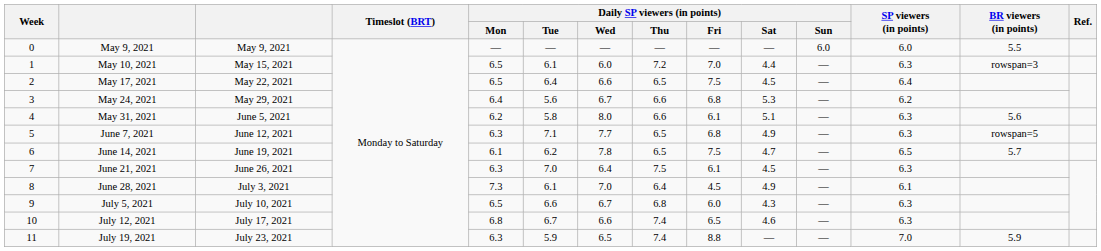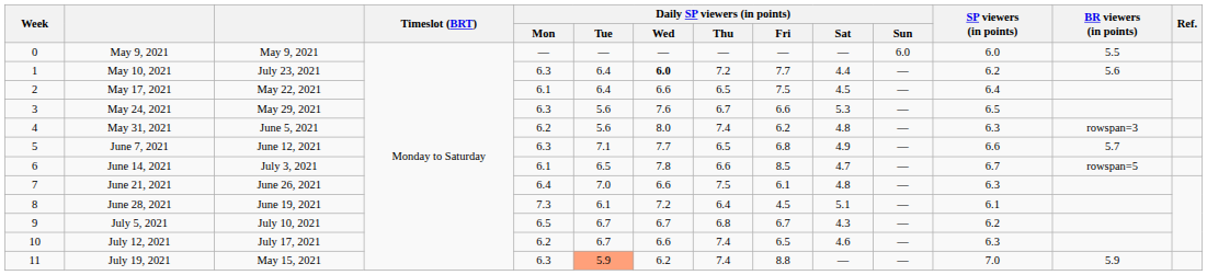 <table class="wikitable sortable" style="text-align:center; font-size:95%; width: 100%">
 <tr>
 <th rowspan=2 width="05.0%">Week</th>
 <th rowspan=2 width="12.5%"></th>
 <th rowspan=2 width="12.5%"></th>
 <th rowspan=2 width="12.5%">Timeslot (<a href='#'>BRT</a>)</th>
 <th colspan=7 width="35.0%">Daily <a href='#'>SP</a> viewers (in points)</th>
 <th rowspan=2 width="10.0%"><a href='#'>SP</a> viewers<br>(in points)</th>
 <th rowspan=2 width="10.0%"><a href='#'>BR</a> viewers<br>(in points)</th>
 <th rowspan=2 width="05.0%">Ref.</th>
 </tr>
 <tr>
 <th width="05%">Mon</th>
 <th width="05%">Tue</th>
 <th width="05%">Wed</th>
 <th width="05%">Thu</th>
 <th width="05%">Fri</th>
 <th width="05%">Sat</th>
 <th width="05%">Sun</th>
 </tr>
 <tr>
 <td>0</td>
 <td>May 9, 2021</td>
 <td>May 9, 2021</td>
 <td rowspan=12>Monday to Saturday<br></td>
 <td>—</td>
 <td>—</td>
 <td>—</td>
 <td>—</td>
 <td>—</td>
 <td>—</td>
 <td>6.0</td>
 <td>6.0</td>
 <td>5.5</td>
 <td></td>
 </tr>
 <tr>
 <td>1</td>
 <td>May 10, 2021</td>
-<td>May 15, 2021</td>
-<td>6.5</td>
-<td>6.1</td>
-<td>6.0</td>
+<td>July 23, 2021</td>
+<td>6.3</td>
+<td>6.4</td>
+<td><strong>6.0</strong></td>
 <td>7.2</td>
-<td>7.0</td>
+<td>7.7</td>
 <td>4.4</td>
 <td>—</td>
-<td>6.3</td>
-<td>rowspan=3 </td>
+<td>6.2</td>
+<td>5.6</td>
 <td></td>
 </tr>
 <tr>
 <td>2</td>
 <td>May 17, 2021</td>
 <td>May 22, 2021</td>
-<td>6.5</td>
+<td>6.1</td>
 <td>6.4</td>
 <td>6.6</td>
 <td>6.5</td>
 <td>7.5</td>
 <td>4.5</td>
 <td>—</td>
 <td>6.4</td>
 <td></td>
 </tr>
 <tr>
 <td>3</td>
 <td>May 24, 2021</td>
 <td>May 29, 2021</td>
-<td>6.4</td>
+<td>6.3</td>
 <td>5.6</td>
+<td>7.6</td>
 <td>6.7</td>
 <td>6.6</td>
-<td>6.8</td>
 <td>5.3</td>
 <td>—</td>
-<td>6.2</td>
+<td>6.5</td>
 <td></td>
 </tr>
 <tr>
 <td>4</td>
 <td>May 31, 2021</td>
 <td>June 5, 2021</td>
 <td>6.2</td>
-<td>5.8</td>
+<td>5.6</td>
 <td>8.0</td>
-<td>6.6</td>
-<td>6.1</td>
-<td>5.1</td>
+<td>7.4</td>
+<td>6.2</td>
+<td>4.8</td>
 <td>—</td>
 <td>6.3</td>
-<td>5.6</td>
+<td>rowspan=3 </td>
 <td></td>
 </tr>
 <tr>
 <td>5</td>
 <td>June 7, 2021</td>
 <td>June 12, 2021</td>
 <td>6.3</td>
 <td>7.1</td>
 <td>7.7</td>
 <td>6.5</td>
 <td>6.8</td>
 <td>4.9</td>
 <td>—</td>
-<td>6.3</td>
-<td>rowspan=5 </td>
+<td>6.6</td>
+<td>5.7</td>
 <td></td>
 </tr>
 <tr>
 <td>6</td>
 <td>June 14, 2021</td>
-<td>June 19, 2021</td>
+<td>July 3, 2021</td>
 <td>6.1</td>
-<td>6.2</td>
+<td>6.5</td>
 <td>7.8</td>
-<td>6.5</td>
-<td>7.5</td>
+<td>6.6</td>
+<td>8.5</td>
 <td>4.7</td>
 <td>—</td>
-<td>6.5</td>
-<td>5.7</td>
+<td>6.7</td>
+<td>rowspan=5 </td>
 <td></td>
 </tr>
 <tr>
 <td>7</td>
 <td>June 21, 2021</td>
 <td>June 26, 2021</td>
-<td>6.3</td>
+<td>6.4</td>
 <td>7.0</td>
-<td>6.4</td>
+<td>6.6</td>
 <td>7.5</td>
 <td>6.1</td>
-<td>4.5</td>
+<td>4.8</td>
 <td>—</td>
 <td>6.3</td>
 <td></td>
 </tr>
 <tr>
 <td>8</td>
 <td>June 28, 2021</td>
-<td>July 3, 2021</td>
+<td>June 19, 2021</td>
 <td>7.3</td>
 <td>6.1</td>
-<td>7.0</td>
+<td>7.2</td>
 <td>6.4</td>
 <td>4.5</td>
-<td>4.9</td>
+<td>5.1</td>
 <td>—</td>
 <td>6.1</td>
 <td></td>
 </tr>
 <tr>
 <td>9</td>
 <td>July 5, 2021</td>
 <td>July 10, 2021</td>
 <td>6.5</td>
-<td>6.6</td>
+<td>6.7</td>
 <td>6.7</td>
 <td>6.8</td>
-<td>6.0</td>
+<td>6.7</td>
 <td>4.3</td>
 <td>—</td>
-<td>6.3</td>
+<td>6.2</td>
 <td></td>
 </tr>
 <tr>
 <td>10</td>
 <td>July 12, 2021</td>
 <td>July 17, 2021</td>
-<td>6.8</td>
+<td>6.2</td>
 <td>6.7</td>
 <td>6.6</td>
 <td>7.4</td>
 <td>6.5</td>
 <td>4.6</td>
 <td>—</td>
 <td>6.3</td>
 <td></td>
 </tr>
 <tr>
 <td>11</td>
 <td>July 19, 2021</td>
-<td>July 23, 2021</td>
+<td>May 15, 2021</td>
 <td>6.3</td>
-<td>5.9</td>
-<td>6.5</td>
+<td style="background: lightsalmon;">5.9</td>
+<td>6.2</td>
 <td>7.4</td>
 <td>8.8</td>
 <td>—</td>
 <td>—</td>
 <td>7.0</td>
 <td>5.9</td>
 <td></td>
 </tr>
 </table>
